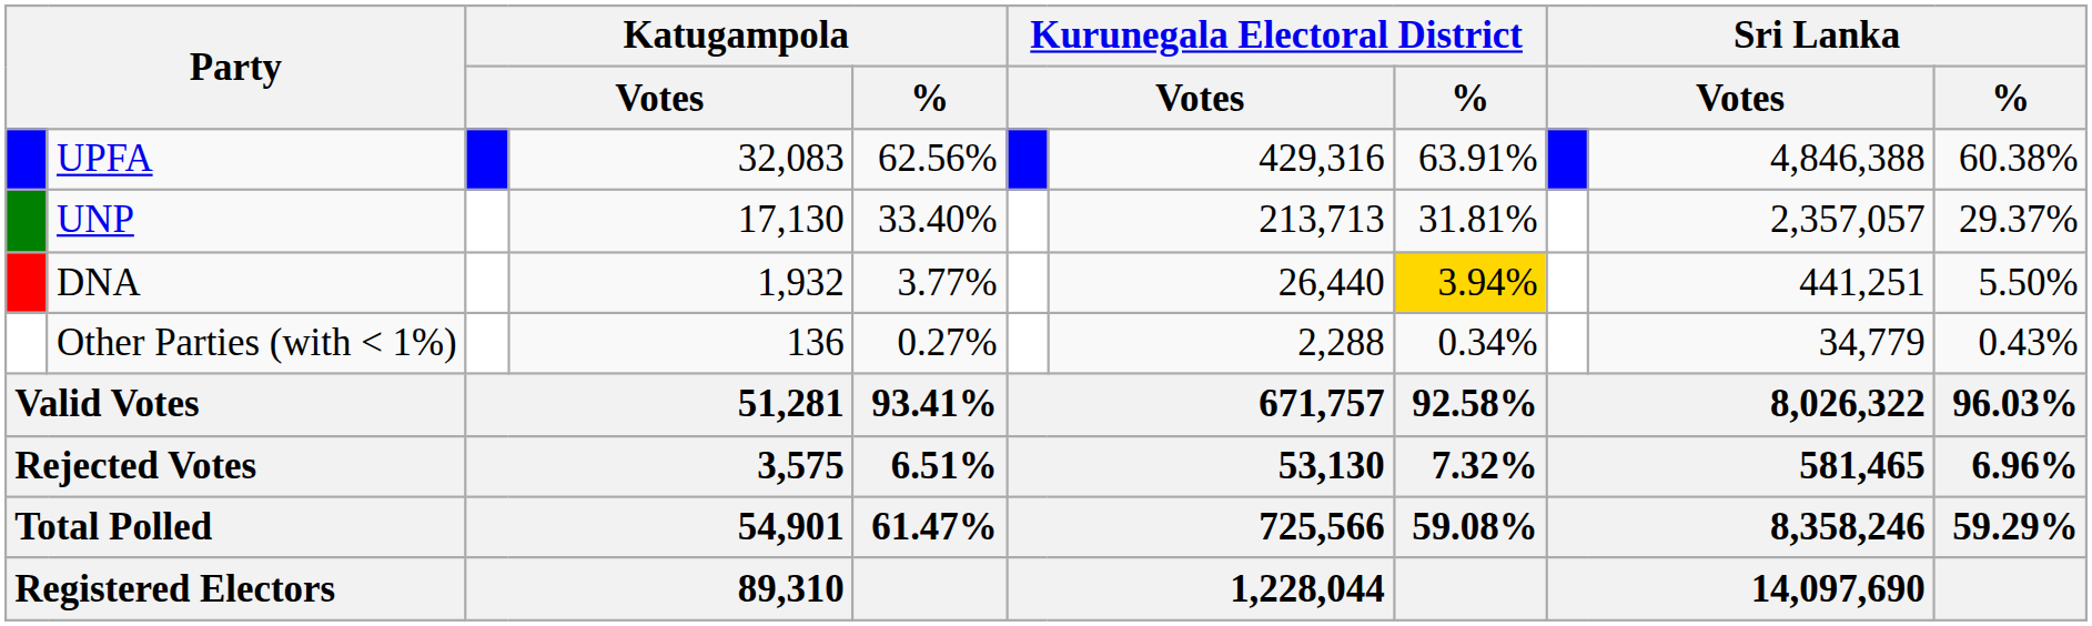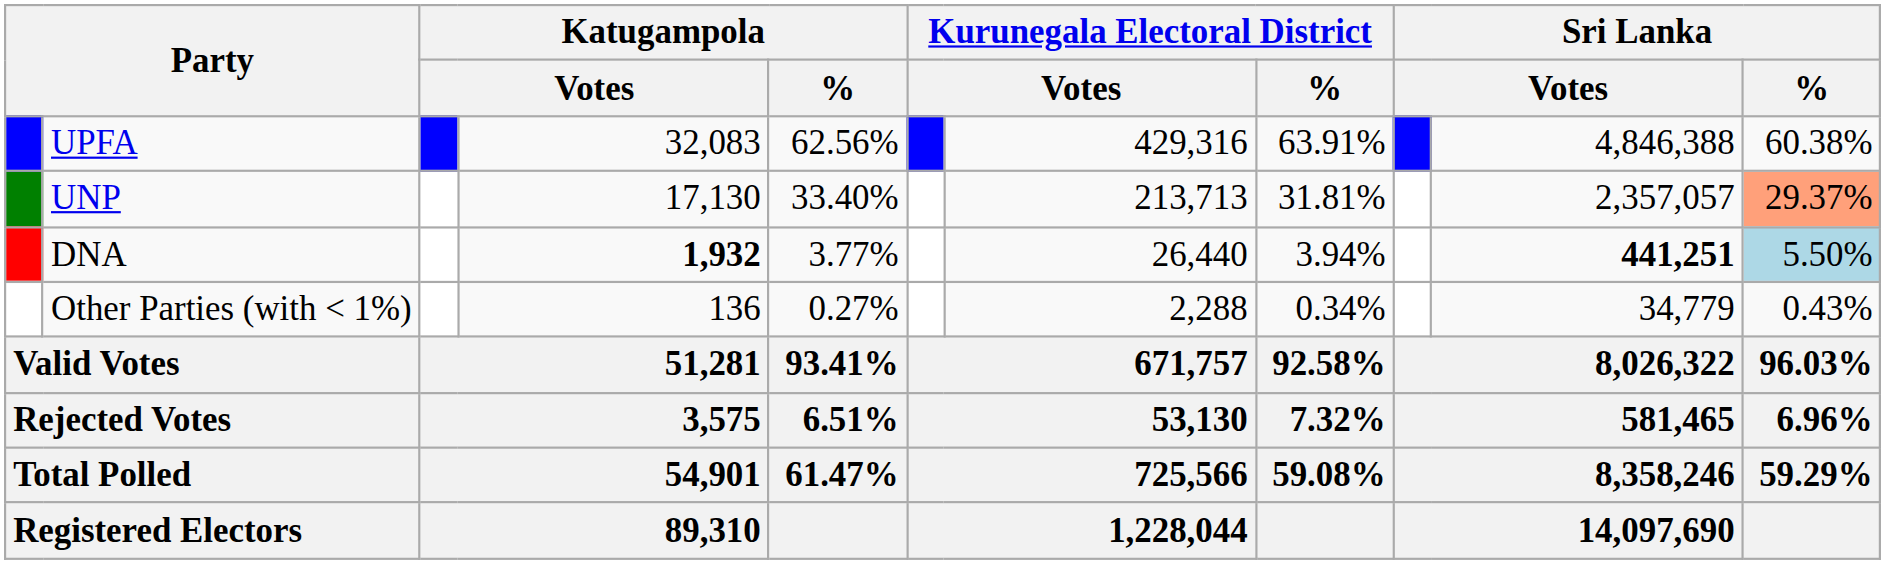 <table class="wikitable">
 <tr>
 <th colspan="2" width="144px"rowspan="2">Party</th>
 <th colspan="3" width="216px">Katugampola</th>
 <th colspan="3" width="216px"><a href='#'>Kurunegala Electoral District</a></th>
 <th colspan="3" width="216px">Sri Lanka</th>
 </tr>
 <tr>
 <th colspan="2" width="144px">Votes</th>
 <th>%</th>
 <th colspan="2" width="144px">Votes</th>
 <th>%</th>
 <th colspan="2" width="144px">Votes</th>
 <th>%</th>
 </tr>
 <tr>
 <td style="background-color:blue;" width="10px"></td>
 <td style="text-align:left;"><a href='#'>UPFA</a></td>
 <td style="background-color:blue;" width="10px"></td>
 <td style="text-align:right;">32,083</td>
 <td style="text-align:right;">62.56%</td>
 <td style="background-color:blue;" width="10px"></td>
 <td style="text-align:right;">429,316</td>
 <td style="text-align:right;">63.91%</td>
 <td style="background-color:blue;" width="10px"></td>
 <td style="text-align:right;">4,846,388</td>
 <td style="text-align:right;">60.38%</td>
 </tr>
 <tr>
 <td style="background-color:green;" width="10px"></td>
 <td style="text-align:left;"><a href='#'>UNP</a></td>
 <td style="background-color:white;" width="10px"></td>
 <td style="text-align:right;">17,130</td>
 <td style="text-align:right;">33.40%</td>
 <td style="background-color:white;" width="10px"></td>
 <td style="text-align:right;">213,713</td>
 <td style="text-align:right;">31.81%</td>
 <td style="background-color:white;" width="10px"></td>
 <td style="text-align:right;">2,357,057</td>
-<td style="text-align:right;">29.37%</td>
+<td style="background: lightsalmon; text-align:right;">29.37%</td>
 </tr>
 <tr>
 <td style="background-color:red;" width="10px"></td>
 <td style="text-align:left;">DNA</td>
 <td style="background-color:white;" width="10px"></td>
-<td style="text-align:right;">1,932</td>
+<td style="text-align:right;"><strong>1,932</strong></td>
 <td style="text-align:right;">3.77%</td>
 <td style="background-color:white;" width="10px"></td>
 <td style="text-align:right;">26,440</td>
-<td style="background: gold; text-align:right;">3.94%</td>
+<td style="text-align:right;">3.94%</td>
 <td style="background-color:white;" width="10px"></td>
-<td style="text-align:right;">441,251</td>
-<td style="text-align:right;">5.50%</td>
+<td style="text-align:right;"><strong>441,251</strong></td>
+<td style="background: lightblue; text-align:right;">5.50%</td>
 </tr>
 <tr>
 <td style="background-color:white;" width="10px"></td>
 <td style="text-align:left;">Other Parties (with < 1%)</td>
 <td style="background-color:white;" width="10px"></td>
 <td style="text-align:right;">136</td>
 <td style="text-align:right;">0.27%</td>
 <td style="background-color:white;" width="10px"></td>
 <td style="text-align:right;">2,288</td>
 <td style="text-align:right;">0.34%</td>
 <td style="background-color:white;" width="10px"></td>
 <td style="text-align:right;">34,779</td>
 <td style="text-align:right;">0.43%</td>
 </tr>
 <tr>
 <th colspan="2" width="144px"style="text-align:left;">Valid Votes</th>
 <th style="text-align:right;"colspan="2" width="144px">51,281</th>
 <th style="text-align:right;">93.41%</th>
 <th style="text-align:right;"colspan="2" width="144px">671,757</th>
 <th style="text-align:right;">92.58%</th>
 <th style="text-align:right;"colspan="2" width="144px">8,026,322</th>
 <th style="text-align:right;">96.03%</th>
 </tr>
 <tr>
 <th colspan="2" width="144px"style="text-align:left;">Rejected Votes</th>
 <th style="text-align:right;"colspan="2" width="144px">3,575</th>
 <th style="text-align:right;">6.51%</th>
 <th style="text-align:right;"colspan="2" width="144px">53,130</th>
 <th style="text-align:right;">7.32%</th>
 <th style="text-align:right;"colspan="2" width="144px">581,465</th>
 <th style="text-align:right;">6.96%</th>
 </tr>
 <tr>
 <th colspan="2" width="144px"style="text-align:left;">Total Polled</th>
 <th style="text-align:right;"colspan="2" width="144px">54,901</th>
 <th style="text-align:right;">61.47%</th>
 <th style="text-align:right;"colspan="2" width="144px">725,566</th>
 <th style="text-align:right;">59.08%</th>
 <th style="text-align:right;"colspan="2" width="144px">8,358,246</th>
 <th style="text-align:right;">59.29%</th>
 </tr>
 <tr>
 <th colspan="2" width="144px"style="text-align:left;">Registered Electors</th>
 <th style="text-align:right;"colspan="2" width="144px">89,310</th>
 <th></th>
 <th style="text-align:right;"colspan="2" width="144px">1,228,044</th>
 <th></th>
 <th style="text-align:right;"colspan="2" width="144px">14,097,690</th>
 <th></th>
 </tr>
 </table>
